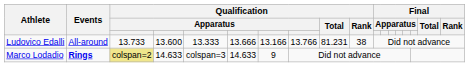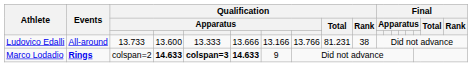 <table class="wikitable" style="font-size:90%">
 <tr>
 <th rowspan=3>Athlete</th>
 <th rowspan=3>Events</th>
 <th colspan =8>Qualification</th>
 <th colspan =8>Final</th>
 </tr>
 <tr style="font-size:95%">
 <th colspan=6>Apparatus</th>
 <th rowspan=2>Total</th>
 <th rowspan=2>Rank</th>
 <th colspan=6>Apparatus</th>
 <th rowspan=2>Total</th>
 <th rowspan=2>Rank</th>
 </tr>
 <tr style="font-size:95%">
 <th></th>
 <th></th>
 <th></th>
 <th></th>
 <th></th>
 <th></th>
 <th></th>
 <th></th>
 <th></th>
 <th></th>
 <th></th>
 <th></th>
 </tr>
 <tr align=center>
 <td align=left><a href='#'>Ludovico Edalli</a></td>
 <td align=left><a href='#'>All-around</a></td>
 <td>13.733</td>
 <td>13.600</td>
 <td>13.333</td>
 <td>13.666</td>
 <td>13.166</td>
 <td>13.766</td>
 <td>81.231</td>
 <td>38</td>
 <td colspan="8">Did not advance</td>
 </tr>
 <tr align=center>
 <td align=left><a href='#'>Marco Lodadio</a></td>
 <td align=left><strong><a href='#'>Rings</a></strong></td>
-<td style="background: khaki;">colspan=2 </td>
-<td>14.633</td>
-<td>colspan=3 </td>
-<td>14.633</td>
+<td>colspan=2 </td>
+<td><strong>14.633</strong></td>
+<td><strong>colspan=3 </strong></td>
+<td><strong>14.633</strong></td>
 <td>9</td>
 <td colspan=8>Did not advance</td>
 </tr>
 </table>
